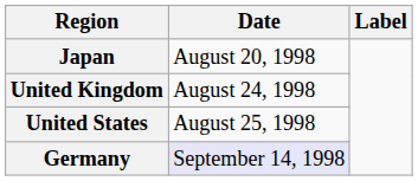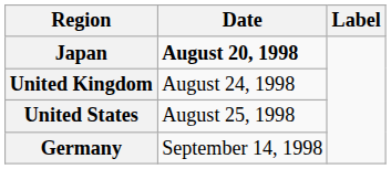 <table class="wikitable plainrowheaders">
 <tr>
 <th scope="col">Region</th>
 <th scope="col">Date</th>
 <th scope="col">Label</th>
 </tr>
 <tr>
 <th scope="row">Japan</th>
-<td>August 20, 1998</td>
+<td><strong>August 20, 1998</strong></td>
 <td align="left" rowspan="4"></td>
 </tr>
 <tr>
 <th scope="row">United Kingdom</th>
 <td>August 24, 1998</td>
 </tr>
 <tr>
 <th scope="row">United States</th>
 <td>August 25, 1998</td>
 </tr>
 <tr>
 <th scope="row">Germany</th>
-<td style="background: lavender;">September 14, 1998</td>
+<td>September 14, 1998</td>
 </tr>
 </table>
